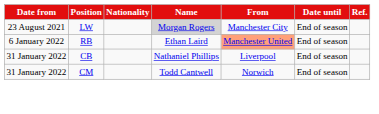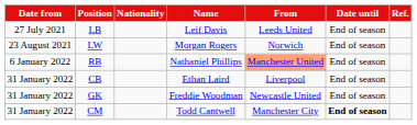 <table class="wikitable"  style="text-align:center; font-size:90%; ">
 <tr>
 <th style="background:#e20e0e;color:#FFFFFF;">Date from</th>
 <th style="background:#e20e0e;color:#FFFFFF;">Position</th>
 <th style="background:#e20e0e;color:#FFFFFF;">Nationality</th>
 <th style="background:#e20e0e;color:#FFFFFF;">Name</th>
 <th style="background:#e20e0e;color:#FFFFFF;">From</th>
 <th style="background:#e20e0e;color:#FFFFFF;">Date until</th>
 <th style="background:#e20e0e;color:#FFFFFF;">Ref.</th>
 </tr>
 <tr>
+<td>27 July 2021</td>
+<td><a href='#'>LB</a></td>
+<td></td>
+<td><a href='#'>Leif Davis</a></td>
+<td> <a href='#'>Leeds United</a></td>
+<td>End of season</td>
+<td></td>
+</tr>
+<tr>
 <td>23 August 2021</td>
 <td><a href='#'>LW</a></td>
 <td></td>
-<td style="background: lightgrey;"><a href='#'>Morgan Rogers</a></td>
-<td> <a href='#'>Manchester City</a></td>
+<td><a href='#'>Morgan Rogers</a></td>
+<td> <a href='#'>Norwich</a></td>
 <td>End of season</td>
 <td></td>
 </tr>
 <tr>
 <td>6 January 2022</td>
 <td><a href='#'>RB</a></td>
 <td></td>
-<td><a href='#'>Ethan Laird</a></td>
+<td><a href='#'>Nathaniel Phillips</a></td>
 <td style="background: lightsalmon;"> <a href='#'>Manchester United</a></td>
 <td>End of season</td>
 <td></td>
 </tr>
 <tr>
 <td>31 January 2022</td>
 <td><a href='#'>CB</a></td>
 <td></td>
-<td><a href='#'>Nathaniel Phillips</a></td>
+<td><a href='#'>Ethan Laird</a></td>
 <td> <a href='#'>Liverpool</a></td>
+<td>End of season</td>
+<td></td>
+</tr>
+<tr>
+<td>31 January 2022</td>
+<td><a href='#'>GK</a></td>
+<td></td>
+<td><a href='#'>Freddie Woodman</a></td>
+<td> <a href='#'>Newcastle United</a></td>
 <td>End of season</td>
 <td></td>
 </tr>
 <tr>
 <td>31 January 2022</td>
 <td><a href='#'>CM</a></td>
 <td></td>
 <td><a href='#'>Todd Cantwell</a></td>
-<td> <a href='#'>Norwich</a></td>
-<td>End of season</td>
+<td> <a href='#'>Manchester City</a></td>
+<td><strong>End of season</strong></td>
 <td></td>
 </tr>
 </table>
